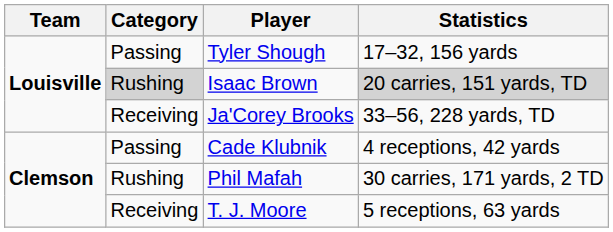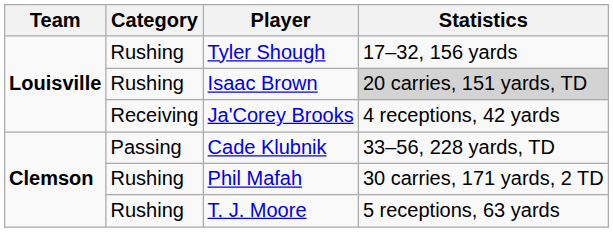 <table class="wikitable" style="float: right;">
 <tr>
 <th>Team</th>
 <th>Category</th>
 <th>Player</th>
 <th>Statistics</th>
 </tr>
 <tr>
 <td rowspan=3><strong>Louisville</strong></td>
-<td>Passing</td>
+<td>Rushing</td>
 <td><a href='#'>Tyler Shough</a></td>
 <td>17–32, 156 yards</td>
 </tr>
 <tr>
-<td style="background: lightgrey;">Rushing</td>
+<td>Rushing</td>
 <td><a href='#'>Isaac Brown</a></td>
 <td style="background: lightgrey;">20 carries, 151 yards, TD</td>
 </tr>
 <tr>
 <td>Receiving</td>
 <td><a href='#'>Ja'Corey Brooks</a></td>
-<td>33–56, 228 yards, TD</td>
+<td>4 receptions, 42 yards</td>
 </tr>
 <tr>
 <td rowspan=3><strong>Clemson</strong></td>
 <td>Passing</td>
 <td><a href='#'>Cade Klubnik</a></td>
-<td>4 receptions, 42 yards</td>
+<td>33–56, 228 yards, TD</td>
 </tr>
 <tr>
 <td>Rushing</td>
 <td><a href='#'>Phil Mafah</a></td>
 <td>30 carries, 171 yards, 2 TD</td>
 </tr>
 <tr>
-<td>Receiving</td>
+<td>Rushing</td>
 <td><a href='#'>T. J. Moore</a></td>
 <td>5 receptions, 63 yards</td>
 </tr>
 </table>
